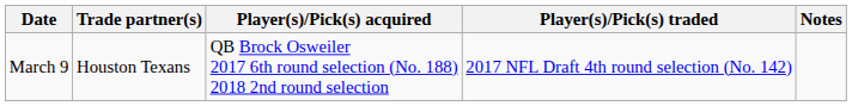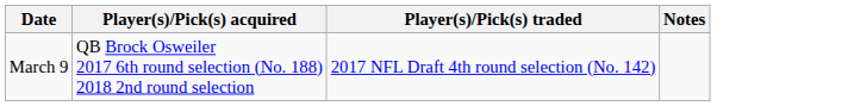 <table class="wikitable">
 <tr>
 <th>Date</th>
-<th>Trade partner(s)</th>
 <th>Player(s)/Pick(s) acquired</th>
 <th>Player(s)/Pick(s) traded</th>
 <th>Notes</th>
 </tr>
 <tr>
 <td>March 9</td>
-<td>Houston Texans</td>
 <td>QB <a href='#'>Brock Osweiler</a> <br> <a href='#'>2017 6th round selection (No. 188)</a> <br> <a href='#'>2018 2nd round selection</a></td>
 <td><a href='#'>2017 NFL Draft 4th round selection (No. 142)</a></td>
 <td></td>
 </tr>
 </table>
